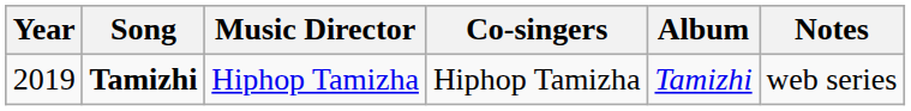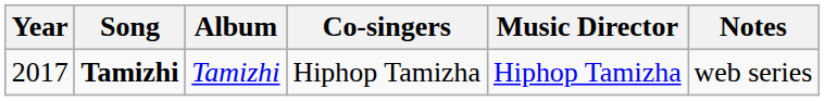 <table class= "wikitable">
 <tr>
 <th>Year</th>
 <th>Song</th>
+<th>Album</th>
+<th>Co-singers</th>
 <th>Music Director</th>
-<th>Co-singers</th>
-<th>Album</th>
 <th>Notes</th>
 </tr>
 <tr>
-<td>2019</td>
+<td>2017</td>
 <td><strong>Tamizhi</strong></td>
+<td><em><a href='#'>Tamizhi</a></em></td>
+<td>Hiphop Tamizha</td>
 <td><a href='#'>Hiphop Tamizha</a></td>
-<td>Hiphop Tamizha</td>
-<td><em><a href='#'>Tamizhi</a></em></td>
 <td>web series</td>
 </tr>
 </table>
